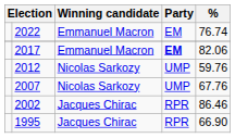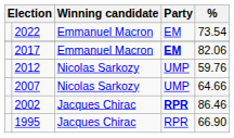 <table class="wikitable">
 <tr>
 <th colspan="2">Election</th>
 <th>Winning candidate</th>
 <th>Party</th>
 <th>%</th>
 </tr>
 <tr>
 <td style="background-color: "></td>
 <td><a href='#'>2022</a></td>
 <td><a href='#'>Emmanuel Macron</a></td>
 <td><a href='#'>EM</a></td>
-<td>76.74</td>
+<td>73.54</td>
 </tr>
 <tr>
 </tr>
 <tr>
 <td style="background-color: "></td>
 <td><a href='#'>2017</a></td>
 <td><a href='#'>Emmanuel Macron</a></td>
 <td><strong><a href='#'>EM</a></strong></td>
 <td>82.06</td>
 </tr>
 <tr>
 <td style="background-color: "></td>
 <td><a href='#'>2012</a></td>
 <td><a href='#'>Nicolas Sarkozy</a></td>
 <td><a href='#'>UMP</a></td>
 <td>59.76</td>
 </tr>
 <tr>
 <td style="background-color: "></td>
 <td><a href='#'>2007</a></td>
 <td><a href='#'>Nicolas Sarkozy</a></td>
 <td><a href='#'>UMP</a></td>
-<td>67.76</td>
+<td>64.66</td>
 </tr>
 <tr>
 <td style="background-color: "></td>
 <td><a href='#'>2002</a></td>
 <td><a href='#'>Jacques Chirac</a></td>
-<td><a href='#'>RPR</a></td>
+<td><strong><a href='#'>RPR</a></strong></td>
 <td>86.46</td>
 </tr>
 <tr>
 <td style="background-color: "></td>
 <td><a href='#'>1995</a></td>
 <td><a href='#'>Jacques Chirac</a></td>
 <td><a href='#'>RPR</a></td>
 <td>66.90</td>
 </tr>
 </table>
